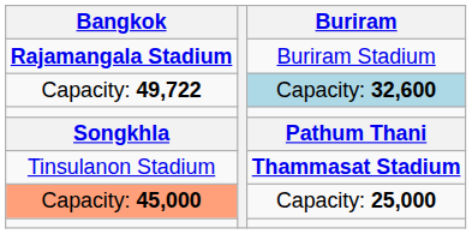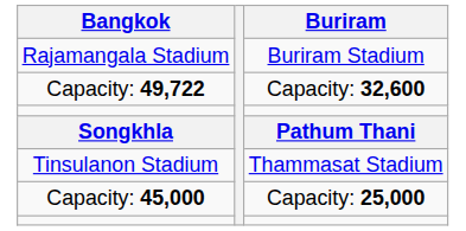 <table class="wikitable" style="text-align:center;margin: 1em auto;">
 <tr>
 <th><a href='#'>Bangkok</a></th>
 <th rowspan="8" text-align="center"></th>
 <th><a href='#'>Buriram</a></th>
 </tr>
 <tr>
-<td><strong><a href='#'>Rajamangala Stadium</a></strong></td>
+<td><a href='#'>Rajamangala Stadium</a></td>
 <td><a href='#'>Buriram Stadium</a></td>
 </tr>
 <tr>
 <td>Capacity: <strong>49,722</strong></td>
-<td style="background: lightblue;">Capacity: <strong>32,600</strong></td>
+<td>Capacity: <strong>32,600</strong></td>
 </tr>
 <tr>
 <td></td>
 <td></td>
 </tr>
 <tr>
 <th><a href='#'>Songkhla</a></th>
 <th><a href='#'>Pathum Thani</a></th>
 </tr>
 <tr>
 <td><a href='#'>Tinsulanon Stadium</a></td>
-<td><strong><a href='#'>Thammasat Stadium</a></strong></td>
+<td><a href='#'>Thammasat Stadium</a></td>
 </tr>
 <tr>
-<td style="background: lightsalmon;">Capacity: <strong>45,000</strong></td>
+<td>Capacity: <strong>45,000</strong></td>
 <td>Capacity: <strong>25,000</strong></td>
 </tr>
 <tr>
 <td></td>
 <td></td>
 </tr>
 </table>
